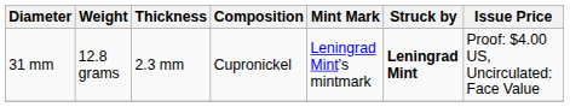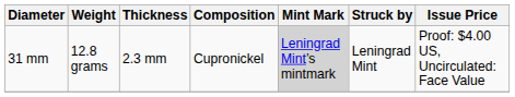 <table class="wikitable">
 <tr>
 <th>Diameter</th>
 <th>Weight</th>
 <th>Thickness</th>
 <th>Composition</th>
 <th>Mint Mark</th>
 <th>Struck by</th>
 <th>Issue Price</th>
 </tr>
 <tr>
 <td>31 mm</td>
 <td>12.8 grams</td>
 <td>2.3 mm</td>
 <td>Cupronickel</td>
-<td><a href='#'>Leningrad Mint</a>’s mintmark</td>
-<td><strong>Leningrad Mint</strong></td>
+<td style="background: lightgrey;"><a href='#'>Leningrad Mint</a>’s mintmark</td>
+<td>Leningrad Mint</td>
 <td>Proof: $4.00 US, Uncirculated: Face Value</td>
 </tr>
 <tr>
 </tr>
 </table>
